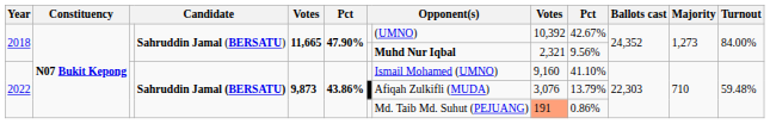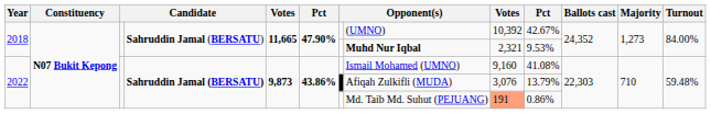 <table class="wikitable" style="margin:0.5em ; font-size:95%">
 <tr>
 <th>Year</th>
 <th>Constituency</th>
 <th colspan=2>Candidate</th>
 <th>Votes</th>
 <th>Pct</th>
 <th colspan=2>Opponent(s)</th>
 <th>Votes</th>
 <th>Pct</th>
 <th>Ballots cast</th>
 <th>Majority</th>
 <th>Turnout</th>
 </tr>
 <tr>
 <td rowspan=2><a href='#'>2018</a></td>
 <td rowspan="5"><strong>N07 <a href='#'>Bukit Kepong</a></strong></td>
 <td rowspan=2 ></td>
 <td rowspan=2><strong>Sahruddin Jamal</strong> (<a href='#'><strong>BERSATU</strong></a>)</td>
 <td rowspan=2 align="right"><strong>11,665</strong></td>
 <td rowspan=2><strong>47.90%</strong></td>
 <td></td>
 <td> (<a href='#'>UMNO</a>)</td>
 <td align="right">10,392</td>
 <td>42.67%</td>
 <td rowspan=2>24,352</td>
 <td rowspan=2>1,273</td>
 <td rowspan=2>84.00%</td>
 </tr>
 <tr>
 <td></td>
 <td><strong>Muhd Nur Iqbal<br> </strong></td>
 <td align="right">2,321</td>
-<td>9.56%</td>
+<td>9.53%</td>
 </tr>
 <tr>
 <td rowspan="3"><a href='#'>2022</a></td>
 <td rowspan="3" bgcolor=></td>
 <td rowspan="3"><strong>Sahruddin Jamal (<a href='#'>BERSATU</a>)</strong></td>
 <td rowspan="3"><strong>9,873</strong></td>
 <td rowspan="3"><strong>43.86%</strong></td>
 <td></td>
 <td><a href='#'>Ismail Mohamed</a> (<a href='#'>UMNO</a>)</td>
 <td>9,160</td>
-<td>41.10%</td>
+<td>41.08%</td>
 <td rowspan="3">22,303</td>
 <td rowspan="3">710</td>
 <td rowspan="3">59.48%</td>
 </tr>
 <tr>
 <td bgcolor=black></td>
 <td>Afiqah Zulkifli (<a href='#'>MUDA</a>)</td>
 <td>3,076</td>
 <td>13.79%</td>
 </tr>
 <tr>
 <td></td>
 <td>Md. Taib Md. Suhut (<a href='#'>PEJUANG</a>)</td>
 <td style="background: lightsalmon;">191</td>
 <td>0.86%</td>
 </tr>
 </table>
